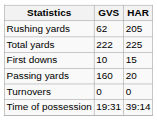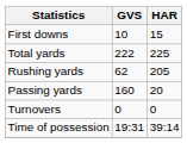 <table class="wikitable" style="float: left;">
 <tr>
 <th>Statistics</th>
 <th>GVS</th>
 <th>HAR</th>
 </tr>
 <tr>
-<td>Rushing yards</td>
-<td>62</td>
-<td>205</td>
+<td>First downs</td>
+<td>10</td>
+<td>15</td>
 </tr>
 <tr>
 <td>Total yards</td>
 <td>222</td>
 <td>225</td>
 </tr>
 <tr>
-<td>First downs</td>
-<td>10</td>
-<td>15</td>
+<td>Rushing yards</td>
+<td>62</td>
+<td>205</td>
 </tr>
 <tr>
 <td>Passing yards</td>
 <td>160</td>
 <td>20</td>
 </tr>
 <tr>
 <td>Turnovers</td>
 <td>0</td>
 <td>0</td>
 </tr>
 <tr>
 <td>Time of possession</td>
 <td>19:31</td>
 <td>39:14</td>
 </tr>
 <tr>
 </tr>
 </table>
